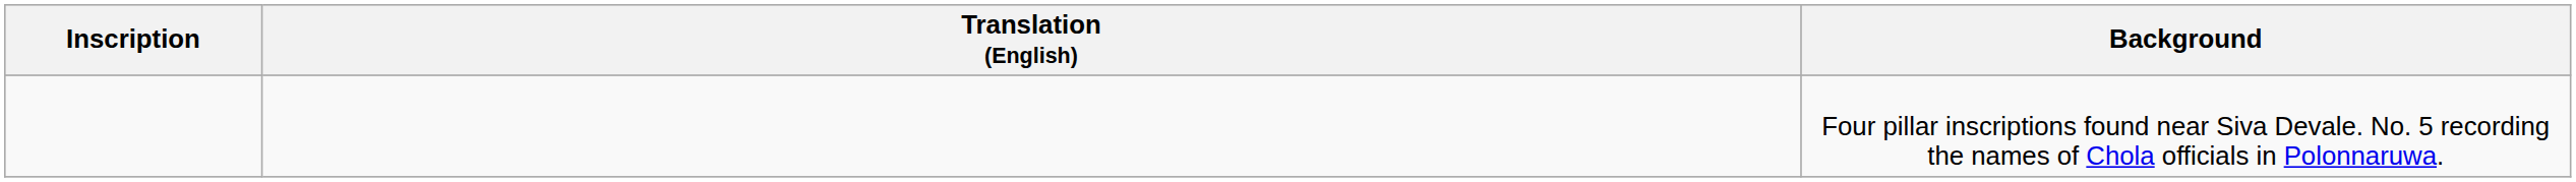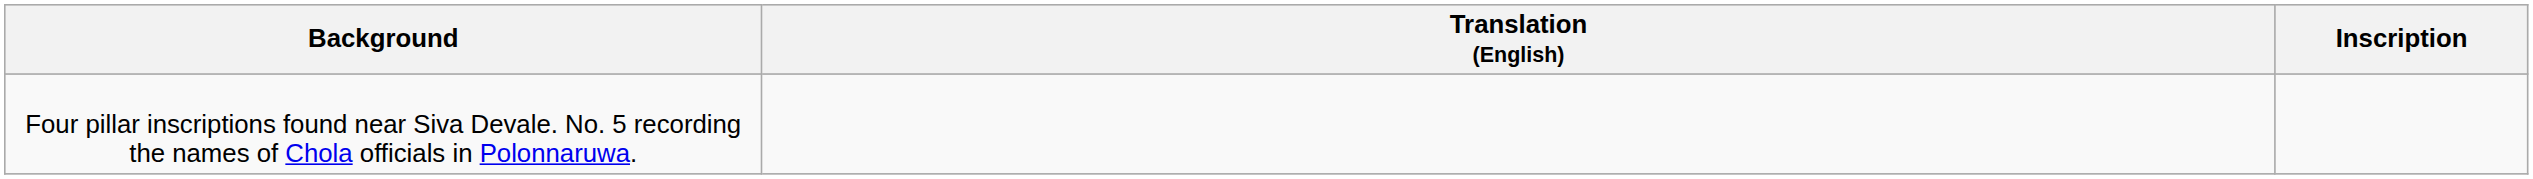 <table class="wikitable centre">
 <tr>
+<th scope="col" align=left>Background<br></th>
+<th>Translation<br><small>(English)</small></th>
 <th>Inscription<br></th>
-<th>Translation<br><small>(English)</small></th>
-<th scope="col" align=left>Background<br></th>
 </tr>
 <tr>
+<td align=center width="30%"><br>Four pillar inscriptions found near Siva Devale. No. 5 recording the names of <a href='#'>Chola</a> officials in <a href='#'>Polonnaruwa</a>.</td>
+<td align=left><br></td>
 <td align=center width="10%"><br></td>
-<td align=left><br></td>
-<td align=center width="30%"><br>Four pillar inscriptions found near Siva Devale. No. 5 recording the names of <a href='#'>Chola</a> officials in <a href='#'>Polonnaruwa</a>.</td>
 </tr>
 </table>
